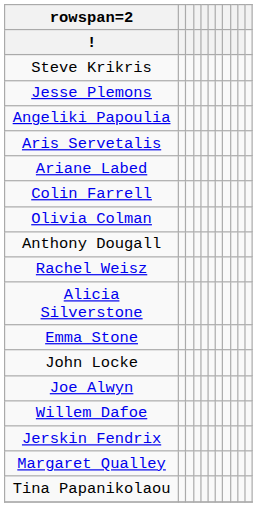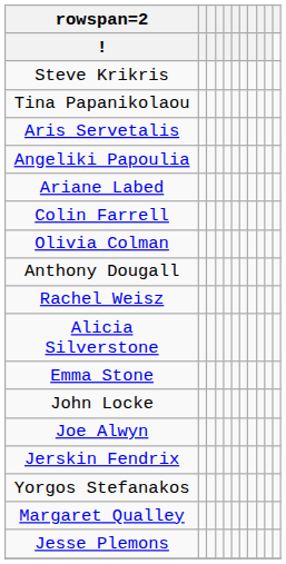 <table class="wikitable" style="text-align:center;font-size:100%;vertical-align:bottom;">
 <tr>
 <th>rowspan=2 </th>
 <th></th>
 <th></th>
 <th></th>
 <th></th>
 <th></th>
 <th></th>
 <th></th>
 <th></th>
 <th></th>
 <th></th>
 </tr>
 <tr>
 <th>! </th>
 <th></th>
 <th></th>
 <th></th>
 <th></th>
 <th></th>
 <th></th>
 <th></th>
 <th></th>
 <th></th>
 </tr>
 <tr>
 <td width="140">Steve Krikris</td>
 <td></td>
 <td></td>
 <td></td>
 <td></td>
 <td></td>
 <td></td>
 <td></td>
 <td></td>
 <td></td>
 <td></td>
 </tr>
 <tr>
-<td width="140"><a href='#'>Jesse Plemons</a></td>
+<td width="140">Tina Papanikolaou</td>
+<td></td>
+<td></td>
+<td></td>
+<td></td>
+<td></td>
+<td></td>
+<td></td>
+<td></td>
+<td></td>
+<td></td>
+</tr>
+<tr>
+<td width="140"><a href='#'>Aris Servetalis</a></td>
 <td></td>
 <td></td>
 <td></td>
 <td></td>
 <td></td>
 <td></td>
 <td></td>
 <td></td>
 <td></td>
 <td></td>
 </tr>
 <tr>
 <td width="140"><a href='#'>Angeliki Papoulia</a></td>
-<td></td>
-<td></td>
-<td></td>
-<td></td>
-<td></td>
-<td></td>
-<td></td>
-<td></td>
-<td></td>
-<td></td>
-</tr>
-<tr>
-<td width="140"><a href='#'>Aris Servetalis</a></td>
 <td></td>
 <td></td>
 <td></td>
 <td></td>
 <td></td>
 <td></td>
 <td></td>
 <td></td>
 <td></td>
 <td></td>
 </tr>
 <tr>
 <td width="140"><a href='#'>Ariane Labed</a></td>
 <td></td>
 <td></td>
 <td></td>
 <td></td>
 <td></td>
 <td></td>
 <td></td>
 <td></td>
 <td></td>
 <td></td>
 </tr>
 <tr>
 <td width="140"><a href='#'>Colin Farrell</a></td>
 <td></td>
 <td></td>
 <td></td>
 <td></td>
 <td></td>
 <td></td>
 <td></td>
 <td></td>
 <td></td>
 <td></td>
 </tr>
 <tr>
 <td width="140"><a href='#'>Olivia Colman</a></td>
 <td></td>
 <td></td>
 <td></td>
 <td></td>
 <td></td>
 <td></td>
 <td></td>
 <td></td>
 <td></td>
 <td></td>
 </tr>
 <tr>
 <td width="140">Anthony Dougall</td>
 <td></td>
 <td></td>
 <td></td>
 <td></td>
 <td></td>
 <td></td>
 <td></td>
 <td></td>
 <td></td>
 <td></td>
 </tr>
 <tr>
 <td width="140"><a href='#'>Rachel Weisz</a></td>
 <td></td>
 <td></td>
 <td></td>
 <td></td>
 <td></td>
 <td></td>
 <td></td>
 <td></td>
 <td></td>
 <td></td>
 </tr>
 <tr>
 <td width="140"><a href='#'>Alicia Silverstone</a></td>
 <td></td>
 <td></td>
 <td></td>
 <td></td>
 <td></td>
 <td></td>
 <td></td>
 <td></td>
 <td></td>
 <td></td>
 </tr>
 <tr>
 <td width="140"><a href='#'>Emma Stone</a></td>
 <td></td>
 <td></td>
 <td></td>
 <td></td>
 <td></td>
 <td></td>
 <td></td>
 <td></td>
 <td></td>
 <td></td>
 </tr>
 <tr>
 <td width="140">John Locke</td>
 <td></td>
 <td></td>
 <td></td>
 <td></td>
 <td></td>
 <td></td>
 <td></td>
 <td></td>
 <td></td>
 <td></td>
 </tr>
 <tr>
 <td width="140"><a href='#'>Joe Alwyn</a></td>
 <td></td>
 <td></td>
 <td></td>
 <td></td>
 <td></td>
 <td></td>
 <td></td>
 <td></td>
 <td></td>
 <td></td>
 </tr>
 <tr>
-<td width="140"><a href='#'>Willem Dafoe</a></td>
+<td width="140"><a href='#'>Jerskin Fendrix</a></td>
 <td></td>
 <td></td>
 <td></td>
 <td></td>
 <td></td>
 <td></td>
 <td></td>
 <td></td>
 <td></td>
 <td></td>
 </tr>
 <tr>
-<td width="140"><a href='#'>Jerskin Fendrix</a></td>
+<td width="140">Yorgos Stefanakos</td>
 <td></td>
 <td></td>
 <td></td>
 <td></td>
 <td></td>
 <td></td>
 <td></td>
 <td></td>
 <td></td>
 <td></td>
 </tr>
 <tr>
 <td width="140"><a href='#'>Margaret Qualley</a></td>
 <td></td>
 <td></td>
 <td></td>
 <td></td>
 <td></td>
 <td></td>
 <td></td>
 <td></td>
 <td></td>
 <td></td>
 </tr>
 <tr>
-<td width="140">Tina Papanikolaou</td>
+<td width="140"><a href='#'>Jesse Plemons</a></td>
 <td></td>
 <td></td>
 <td></td>
 <td></td>
 <td></td>
 <td></td>
 <td></td>
 <td></td>
 <td></td>
 <td></td>
 </tr>
 <tr>
 </tr>
 </table>
